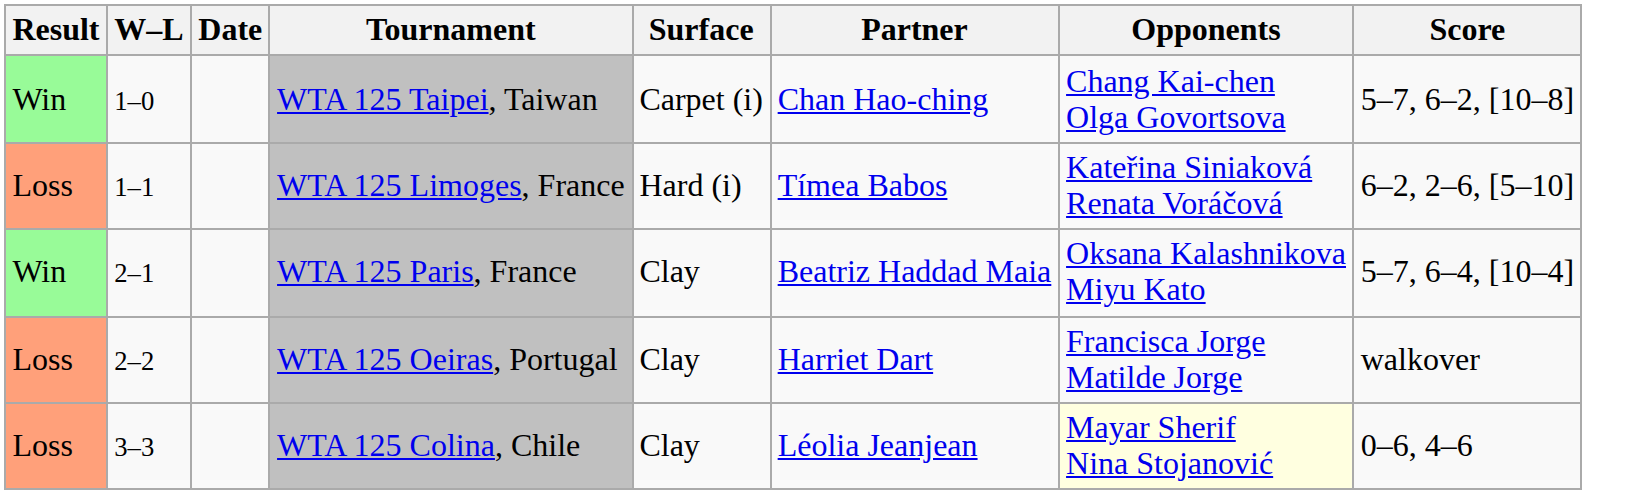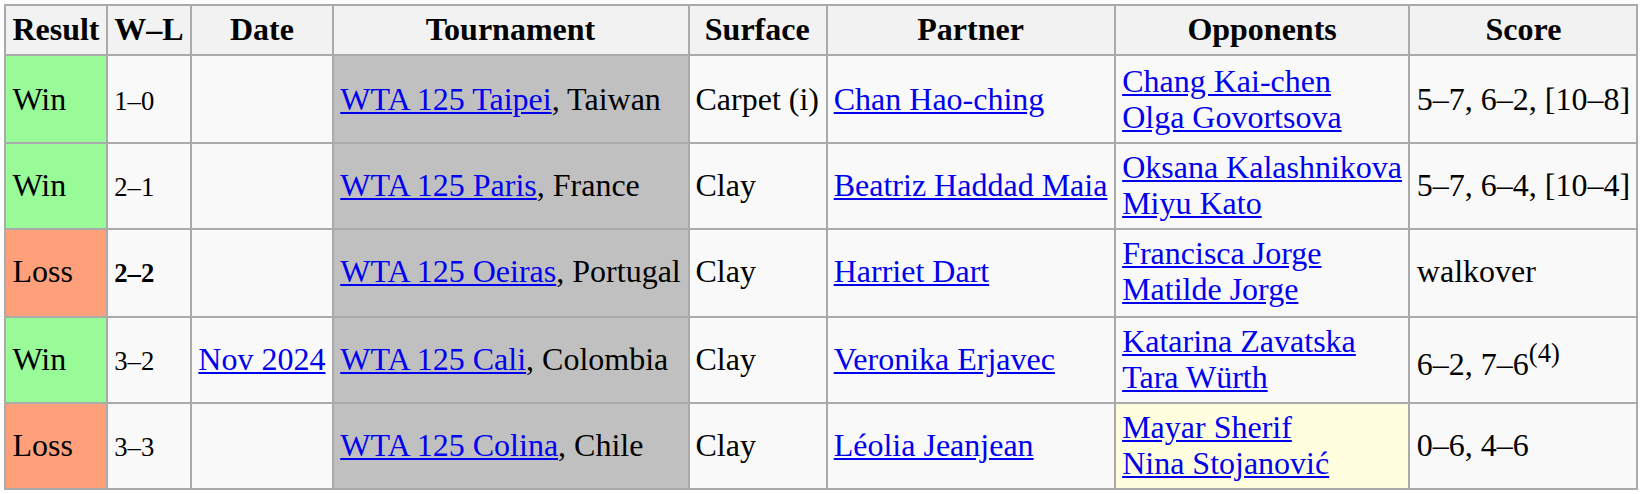 <table class="wikitable">
 <tr>
 <th>Result</th>
 <th class="unsortable">W–L</th>
 <th>Date</th>
 <th>Tournament</th>
 <th>Surface</th>
 <th>Partner</th>
 <th>Opponents</th>
 <th class="unsortable">Score</th>
 </tr>
 <tr>
 <td style="background:#98fb98;">Win</td>
 <td><small>1–0</small></td>
 <td><a href='#'></a></td>
 <td style="background:silver;"><a href='#'>WTA 125 Taipei</a>, Taiwan</td>
 <td>Carpet (i)</td>
 <td> <a href='#'>Chan Hao-ching</a></td>
 <td> <a href='#'>Chang Kai-chen</a> <br>  <a href='#'>Olga Govortsova</a></td>
 <td>5–7, 6–2, [10–8]</td>
 </tr>
 <tr>
-<td style="background:#ffa07a;">Loss</td>
-<td><small>1–1</small></td>
-<td><a href='#'></a></td>
-<td style="background:silver;"><a href='#'>WTA 125 Limoges</a>, France</td>
-<td>Hard (i)</td>
-<td> <a href='#'>Tímea Babos</a></td>
-<td> <a href='#'>Kateřina Siniaková</a> <br>  <a href='#'>Renata Voráčová</a></td>
-<td>6–2, 2–6, [5–10]</td>
-</tr>
-<tr>
 <td style="background:#98fb98">Win</td>
 <td><small>2–1</small></td>
 <td><a href='#'></a></td>
 <td style="background:silver;"><a href='#'>WTA 125 Paris</a>, France</td>
 <td>Clay</td>
 <td> <a href='#'>Beatriz Haddad Maia</a></td>
 <td> <a href='#'>Oksana Kalashnikova</a> <br>  <a href='#'>Miyu Kato</a></td>
 <td>5–7, 6–4, [10–4]</td>
 </tr>
 <tr>
 <td style="background:#ffa07a;">Loss</td>
-<td><small>2–2</small></td>
+<td><strong><small>2–2</small></strong></td>
 <td><a href='#'></a></td>
 <td style="background:silver;"><a href='#'>WTA 125 Oeiras</a>, Portugal</td>
 <td>Clay</td>
 <td> <a href='#'>Harriet Dart</a></td>
 <td> <a href='#'>Francisca Jorge</a> <br>  <a href='#'>Matilde Jorge</a></td>
 <td>walkover</td>
+</tr>
+<tr>
+<td style="background:#98fb98;">Win</td>
+<td><small>3–2</small></td>
+<td><a href='#'>Nov 2024</a></td>
+<td style="background:silver;"><a href='#'>WTA 125 Cali</a>, Colombia</td>
+<td>Clay</td>
+<td> <a href='#'>Veronika Erjavec</a></td>
+<td> <a href='#'>Katarina Zavatska</a> <br>  <a href='#'>Tara Würth</a></td>
+<td>6–2, 7–6<sup>(4)</sup></td>
 </tr>
 <tr>
 <td style="background:#ffa07a;">Loss</td>
 <td><small>3–3</small></td>
 <td><a href='#'></a></td>
 <td style="background:silver;"><a href='#'>WTA 125 Colina</a>, Chile</td>
 <td>Clay</td>
 <td> <a href='#'>Léolia Jeanjean</a></td>
 <td style="background: lightyellow;"> <a href='#'>Mayar Sherif</a> <br>  <a href='#'>Nina Stojanović</a></td>
 <td>0–6, 4–6</td>
 </tr>
 </table>
